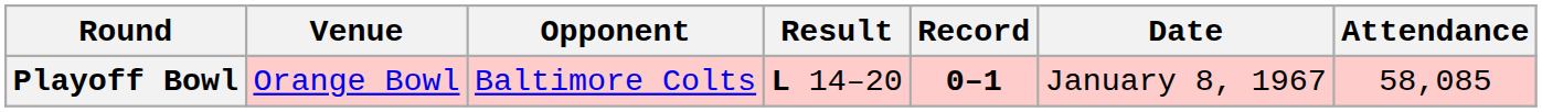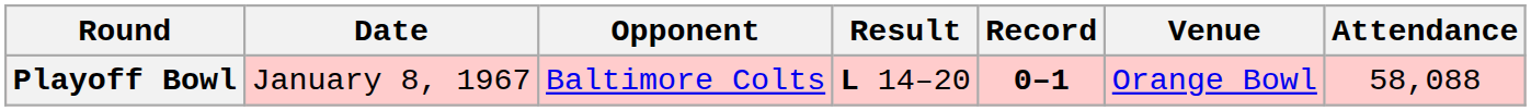 <table class="wikitable" style="text-align:center">
 <tr>
 <th>Round</th>
-<th>Venue</th>
+<th>Date</th>
 <th>Opponent</th>
 <th>Result</th>
 <th>Record</th>
-<th>Date</th>
+<th>Venue</th>
 <th>Attendance</th>
 </tr>
 <tr style="background:#fcc">
 <th>Playoff Bowl</th>
-<td><a href='#'>Orange Bowl</a></td>
+<td>January 8, 1967</td>
 <td><a href='#'>Baltimore Colts</a></td>
 <td><strong>L</strong> 14–20</td>
 <td><strong>0–1</strong></td>
-<td>January 8, 1967</td>
-<td>58,085</td>
+<td><a href='#'>Orange Bowl</a></td>
+<td>58,088</td>
 </tr>
 </table>
